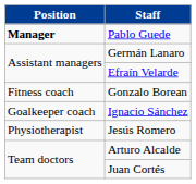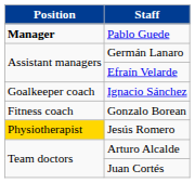 <table class="wikitable">
 <tr>
 <th style=background-color:#003C92;color:white>Position</th>
 <th style=background-color:#003C92;color:white>Staff</th>
 </tr>
 <tr>
 </tr>
 <tr>
 <td><strong>Manager</strong></td>
 <td> <a href='#'>Pablo Guede</a></td>
 </tr>
 <tr>
 <td rowspan="2">Assistant managers</td>
 <td> Germán Lanaro</td>
 </tr>
 <tr>
 <td> <a href='#'>Efraín Velarde</a></td>
 </tr>
 <tr>
+<td>Goalkeeper coach</td>
+<td> <a href='#'>Ignacio Sánchez</a></td>
+</tr>
+<tr>
 <td>Fitness coach</td>
 <td> Gonzalo Borean</td>
 </tr>
 <tr>
-<td>Goalkeeper coach</td>
-<td> <a href='#'>Ignacio Sánchez</a></td>
-</tr>
-<tr>
-<td>Physiotherapist</td>
+<td style="background: gold;">Physiotherapist</td>
 <td> Jesús Romero</td>
 </tr>
 <tr>
 <td rowspan="2">Team doctors</td>
 <td> Arturo Alcalde</td>
 </tr>
 <tr>
 <td> Juan Cortés</td>
 </tr>
 </table>
